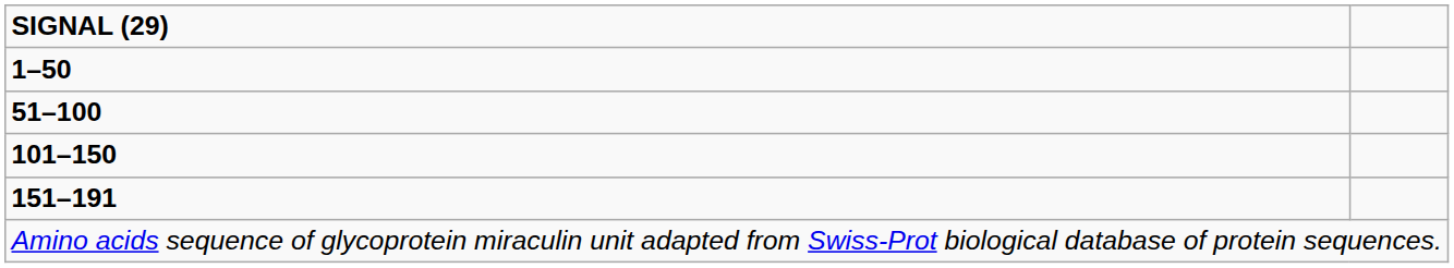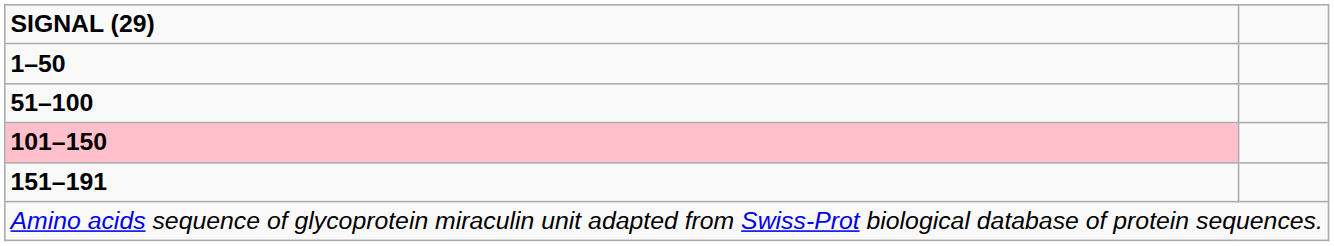 <table class="wikitable">
 <tr>
 <td><strong>SIGNAL (29)</strong></td>
 <td></td>
 </tr>
 <tr>
 <td><strong>1–50</strong></td>
 <td></td>
 </tr>
 <tr>
 <td><strong>51–100</strong></td>
 <td></td>
 </tr>
 <tr>
-<td><strong>101–150</strong></td>
+<td style="background: pink;"><strong>101–150</strong></td>
 <td></td>
 </tr>
 <tr>
 <td><strong>151–191</strong></td>
 <td></td>
 </tr>
 <tr>
 <td colspan="2"><em><a href='#'>Amino acids</a> sequence of glycoprotein miraculin unit adapted from <a href='#'>Swiss-Prot</a> biological database of protein sequences.</em></td>
 </tr>
 </table>
